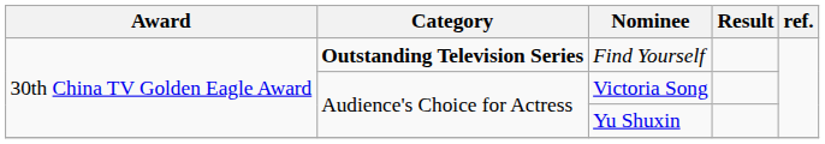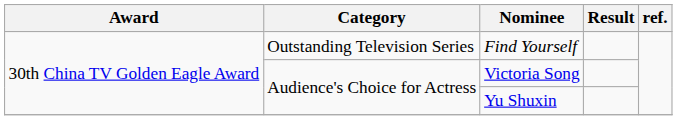 <table class="wikitable">
 <tr>
 <th>Award</th>
 <th>Category</th>
 <th>Nominee</th>
 <th>Result</th>
 <th>ref.</th>
 </tr>
 <tr>
 <td rowspan="3">30th <a href='#'>China TV Golden Eagle Award</a></td>
-<td><strong>Outstanding Television Series</strong></td>
+<td>Outstanding Television Series</td>
 <td><em>Find Yourself</em></td>
 <td></td>
 <td rowspan="3"></td>
 </tr>
 <tr>
 <td rowspan="2">Audience's Choice for Actress</td>
 <td><a href='#'>Victoria Song</a></td>
 <td></td>
 </tr>
 <tr>
 <td Yu Shuxin><a href='#'>Yu Shuxin</a></td>
 <td></td>
 </tr>
 <tr>
 </tr>
 </table>
